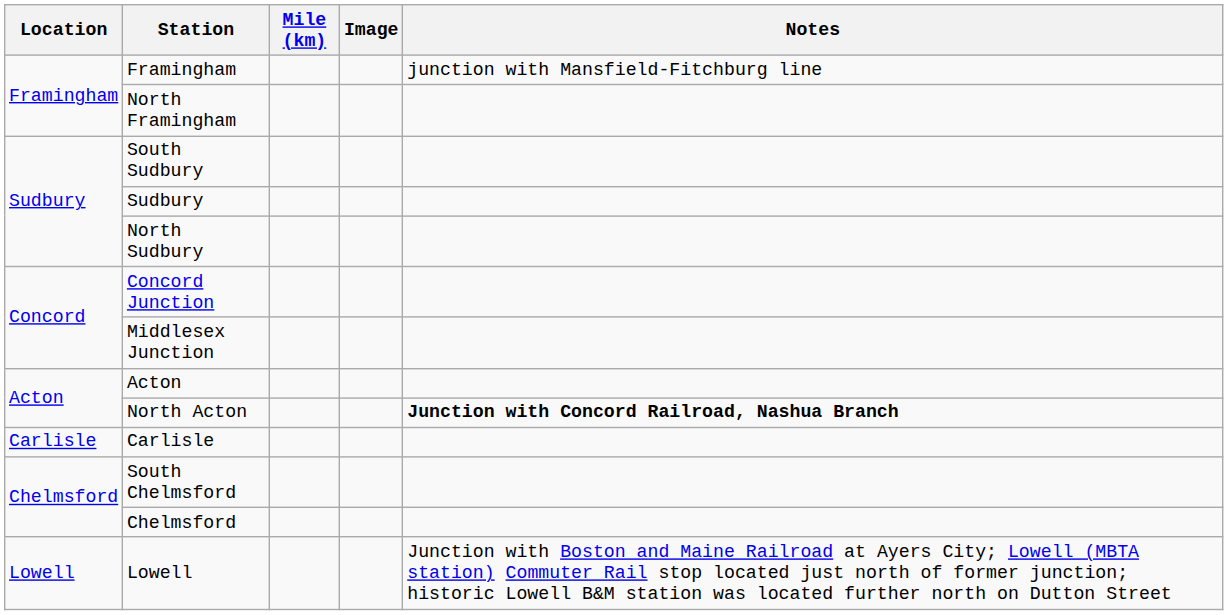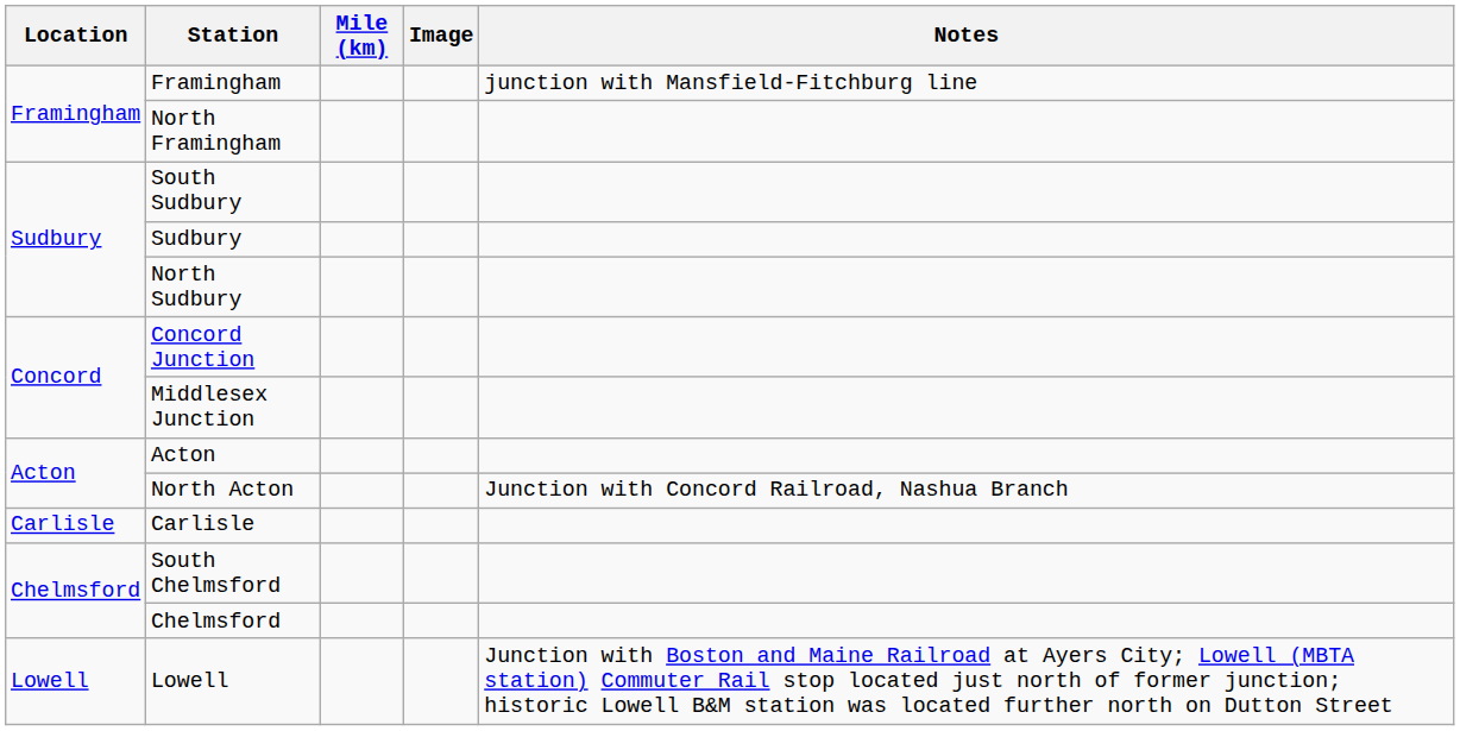 <table class="wikitable">
 <tr>
 <th>Location</th>
 <th>Station</th>
 <th><a href='#'>Mile (km)</a></th>
 <th>Image</th>
 <th>Notes</th>
 </tr>
 <tr>
 <td rowspan=2><a href='#'>Framingham</a></td>
 <td>Framingham</td>
 <td></td>
 <td></td>
 <td>junction with Mansfield-Fitchburg line</td>
 </tr>
 <tr>
 <td>North Framingham</td>
 <td></td>
 <td></td>
 <td></td>
 </tr>
 <tr>
 <td rowspan=3><a href='#'>Sudbury</a></td>
 <td>South Sudbury</td>
 <td></td>
 <td></td>
 <td></td>
 </tr>
 <tr>
 <td>Sudbury</td>
 <td></td>
 <td></td>
 <td></td>
 </tr>
 <tr>
 <td>North Sudbury</td>
 <td></td>
 <td></td>
 <td></td>
 </tr>
 <tr>
 <td rowspan=2><a href='#'>Concord</a></td>
 <td><a href='#'>Concord Junction</a></td>
 <td></td>
 <td></td>
 <td></td>
 </tr>
 <tr>
 <td>Middlesex Junction</td>
 <td></td>
 <td></td>
 <td></td>
 </tr>
 <tr>
 <td rowspan=2><a href='#'>Acton</a></td>
 <td>Acton</td>
 <td></td>
 <td></td>
 <td></td>
 </tr>
 <tr>
 <td>North Acton</td>
 <td></td>
 <td></td>
-<td><strong>Junction with Concord Railroad, Nashua Branch</strong></td>
+<td>Junction with Concord Railroad, Nashua Branch</td>
 </tr>
 <tr>
 <td rowspan=1><a href='#'>Carlisle</a></td>
 <td>Carlisle</td>
 <td></td>
 <td></td>
 <td></td>
 </tr>
 <tr>
 <td rowspan=2><a href='#'>Chelmsford</a></td>
 <td>South Chelmsford</td>
 <td></td>
 <td></td>
 <td></td>
 </tr>
 <tr>
 <td>Chelmsford</td>
 <td></td>
 <td></td>
 <td></td>
 </tr>
 <tr>
 <td><a href='#'>Lowell</a></td>
 <td>Lowell</td>
 <td></td>
 <td></td>
 <td>Junction with <a href='#'>Boston and Maine Railroad</a> at Ayers City; <a href='#'>Lowell (MBTA station)</a> <a href='#'>Commuter Rail</a> stop located just north of former junction; historic Lowell B&M station was located further north on Dutton Street</td>
 </tr>
 </table>
